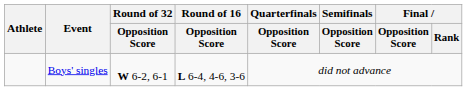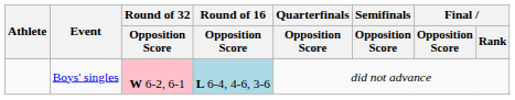 <table class=wikitable style="font-size:90%">
 <tr>
 <th rowspan=2>Athlete</th>
 <th rowspan=2>Event</th>
 <th>Round of 32</th>
 <th>Round of 16</th>
 <th>Quarterfinals</th>
 <th>Semifinals</th>
 <th colspan=2>Final / </th>
 </tr>
 <tr style="font-size:95%">
 <th>Opposition<br>Score</th>
 <th>Opposition<br>Score</th>
 <th>Opposition<br>Score</th>
 <th>Opposition<br>Score</th>
 <th>Opposition<br>Score</th>
 <th>Rank</th>
 </tr>
 <tr align=center>
 <td align=left></td>
 <td align=left><a href='#'>Boys' singles</a></td>
-<td><br><strong>W</strong> 6-2, 6-1</td>
-<td><br><strong>L</strong> 6-4, 4-6, 3-6</td>
+<td style="background: pink;"><br><strong>W</strong> 6-2, 6-1</td>
+<td style="background: lightblue;"><br><strong>L</strong> 6-4, 4-6, 3-6</td>
 <td Colspan=4><em>did not advance</em></td>
 </tr>
 </table>
